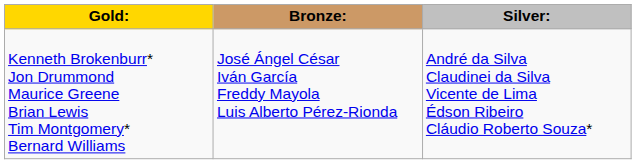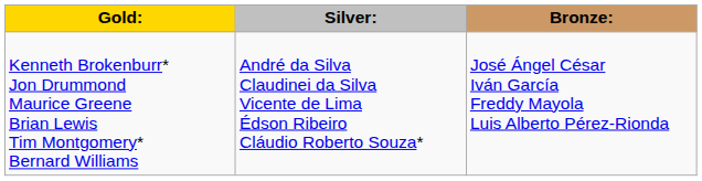 <table class="wikitable">
 <tr>
 <td style="text-align:center;background-color:gold;"><strong>Gold:</strong> </td>
+<td style="text-align:center;background-color:silver;"><strong>Silver:</strong> </td>
 <td style="text-align:center;background-color:#CC9966;"><strong>Bronze:</strong> </td>
-<td style="text-align:center;background-color:silver;"><strong>Silver:</strong> </td>
 </tr>
 <tr>
 <td style="width:13em" valign=top> <br><a href='#'>Kenneth Brokenburr</a>*<br><a href='#'>Jon Drummond</a><br><a href='#'>Maurice Greene</a><br><a href='#'>Brian Lewis</a><br><a href='#'>Tim Montgomery</a>*<br><a href='#'>Bernard Williams</a></td>
+<td style="width:13em" valign=top><br><a href='#'>André da Silva</a><br><a href='#'>Claudinei da Silva</a><br><a href='#'>Vicente de Lima</a><br><a href='#'>Édson Ribeiro</a><br><a href='#'>Cláudio Roberto Souza</a>*</td>
 <td style="width:13em" valign=top><br><a href='#'>José Ángel César</a><br><a href='#'>Iván García</a><br><a href='#'>Freddy Mayola</a><br><a href='#'>Luis Alberto Pérez-Rionda</a></td>
-<td style="width:13em" valign=top><br><a href='#'>André da Silva</a><br><a href='#'>Claudinei da Silva</a><br><a href='#'>Vicente de Lima</a><br><a href='#'>Édson Ribeiro</a><br><a href='#'>Cláudio Roberto Souza</a>*</td>
 </tr>
 </table>
